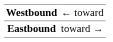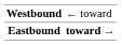 <table border="1" cellspacing="0" cellpadding="3" frame="hsides" rules="rows">
 <tr>
 <th><span>Westbound</span></th>
 <td>←  toward </td>
 </tr>
 <tr>
 <th><span>Eastbound</span></th>
-<td>  toward  →</td>
+<td><strong>  toward  →</strong></td>
 </tr>
 </table>
